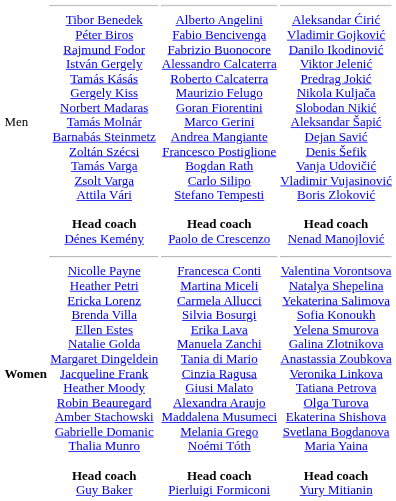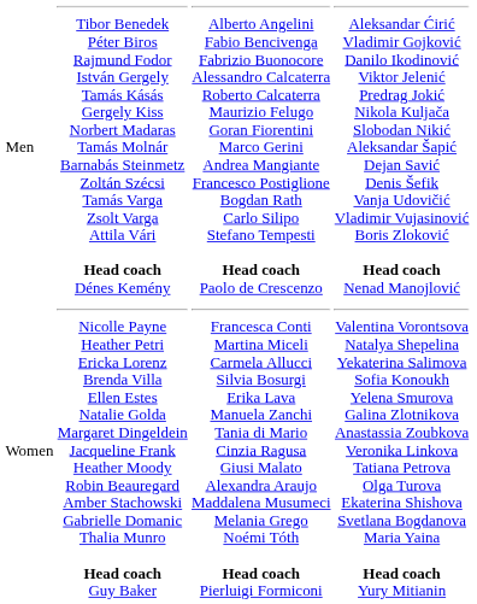 <table>
 <tr>
 <td>Men<br></td>
 <td style="text-align:center; vertical-align:top;"><strong></strong> <hr><a href='#'>Tibor Benedek</a><br><a href='#'>Péter Biros</a><br><a href='#'>Rajmund Fodor</a><br><a href='#'>István Gergely</a><br><a href='#'>Tamás Kásás</a><br><a href='#'>Gergely Kiss</a><br><a href='#'>Norbert Madaras</a><br><a href='#'>Tamás Molnár</a><br><a href='#'>Barnabás Steinmetz</a><br><a href='#'>Zoltán Szécsi</a><br><a href='#'>Tamás Varga</a><br><a href='#'>Zsolt Varga</a><br><a href='#'>Attila Vári</a><br><br><strong>Head coach</strong><br><a href='#'>Dénes Kemény</a></td>
 <td style="text-align:center; vertical-align:top;"><strong></strong><hr><a href='#'>Alberto Angelini</a><br><a href='#'>Fabio Bencivenga</a><br><a href='#'>Fabrizio Buonocore</a><br><a href='#'>Alessandro Calcaterra</a><br><a href='#'>Roberto Calcaterra</a><br><a href='#'>Maurizio Felugo</a><br><a href='#'>Goran Fiorentini</a><br><a href='#'>Marco Gerini</a><br><a href='#'>Andrea Mangiante</a><br><a href='#'>Francesco Postiglione</a><br><a href='#'>Bogdan Rath</a><br><a href='#'>Carlo Silipo</a><br><a href='#'>Stefano Tempesti</a><br><br><strong>Head coach</strong><br><a href='#'>Paolo de Crescenzo</a></td>
 <td style="text-align:center; vertical-align:top;"><strong></strong><hr><a href='#'>Aleksandar Ćirić</a><br><a href='#'>Vladimir Gojković</a> <br><a href='#'>Danilo Ikodinović</a><br><a href='#'>Viktor Jelenić</a><br><a href='#'>Predrag Jokić</a> <br><a href='#'>Nikola Kuljača</a><br><a href='#'>Slobodan Nikić</a><br><a href='#'>Aleksandar Šapić</a> <br><a href='#'>Dejan Savić</a><br><a href='#'>Denis Šefik</a><br><a href='#'>Vanja Udovičić</a><br><a href='#'>Vladimir Vujasinović</a><br><a href='#'>Boris Zloković</a><br><br><strong>Head coach</strong> <br><a href='#'>Nenad Manojlović</a></td>
 </tr>
 <tr>
-<td><strong>Women<br></strong></td>
+<td>Women<br></td>
 <td style="text-align:center; vertical-align:top;"><strong></strong> <hr><a href='#'>Nicolle Payne</a><br><a href='#'>Heather Petri</a><br><a href='#'>Ericka Lorenz</a><br><a href='#'>Brenda Villa</a><br><a href='#'>Ellen Estes</a><br><a href='#'>Natalie Golda</a><br><a href='#'>Margaret Dingeldein</a><br><a href='#'>Jacqueline Frank</a><br><a href='#'>Heather Moody</a><br><a href='#'>Robin Beauregard</a><br><a href='#'>Amber Stachowski</a><br><a href='#'>Gabrielle Domanic</a><br><a href='#'>Thalia Munro</a><br><br><strong>Head coach</strong><br><a href='#'>Guy Baker</a></td>
 <td style="text-align:center; vertical-align:top;"><strong></strong><hr><a href='#'>Francesca Conti</a><br><a href='#'>Martina Miceli</a><br><a href='#'>Carmela Allucci</a><br><a href='#'>Silvia Bosurgi</a><br><a href='#'>Erika Lava</a><br><a href='#'>Manuela Zanchi</a><br><a href='#'>Tania di Mario</a><br><a href='#'>Cinzia Ragusa</a><br><a href='#'>Giusi Malato</a><br><a href='#'>Alexandra Araujo</a><br><a href='#'>Maddalena Musumeci</a><br><a href='#'>Melania Grego</a><br><a href='#'>Noémi Tóth</a><br><br><strong>Head coach</strong><br><a href='#'>Pierluigi Formiconi</a></td>
 <td style="text-align:center; vertical-align:top;"><strong></strong><hr><a href='#'>Valentina Vorontsova</a><br><a href='#'>Natalya Shepelina</a><br><a href='#'>Yekaterina Salimova</a><br><a href='#'>Sofia Konoukh</a><br><a href='#'>Yelena Smurova</a><br><a href='#'>Galina Zlotnikova</a><br><a href='#'>Anastassia Zoubkova</a><br><a href='#'>Veronika Linkova</a><br><a href='#'>Tatiana Petrova</a><br><a href='#'>Olga Turova</a><br><a href='#'>Ekaterina Shishova</a><br><a href='#'>Svetlana Bogdanova</a><br><a href='#'>Maria Yaina</a><br><br><strong>Head coach</strong><br><a href='#'>Yury Mitianin</a></td>
 </tr>
 </table>
